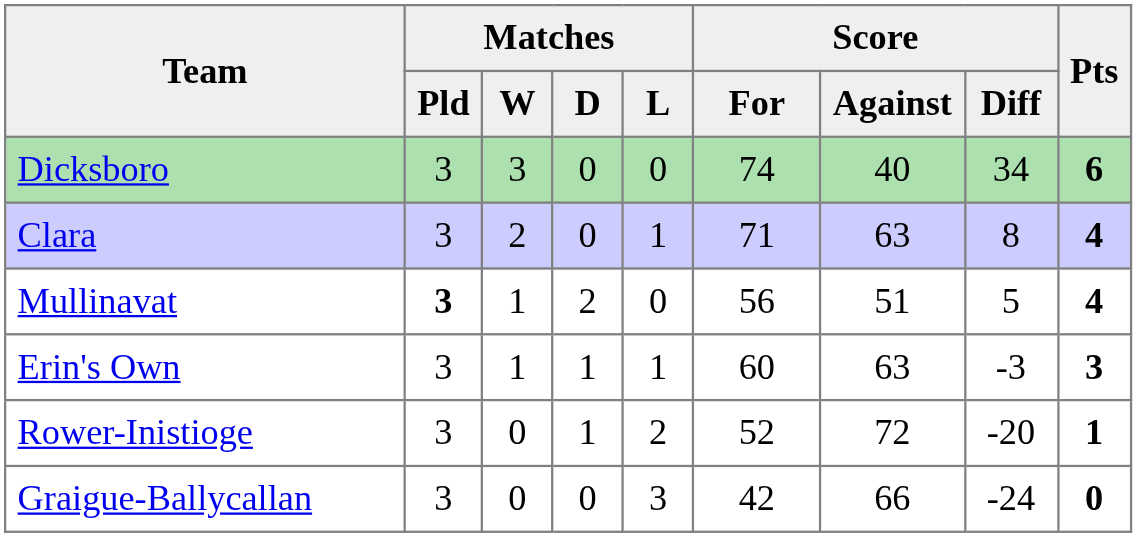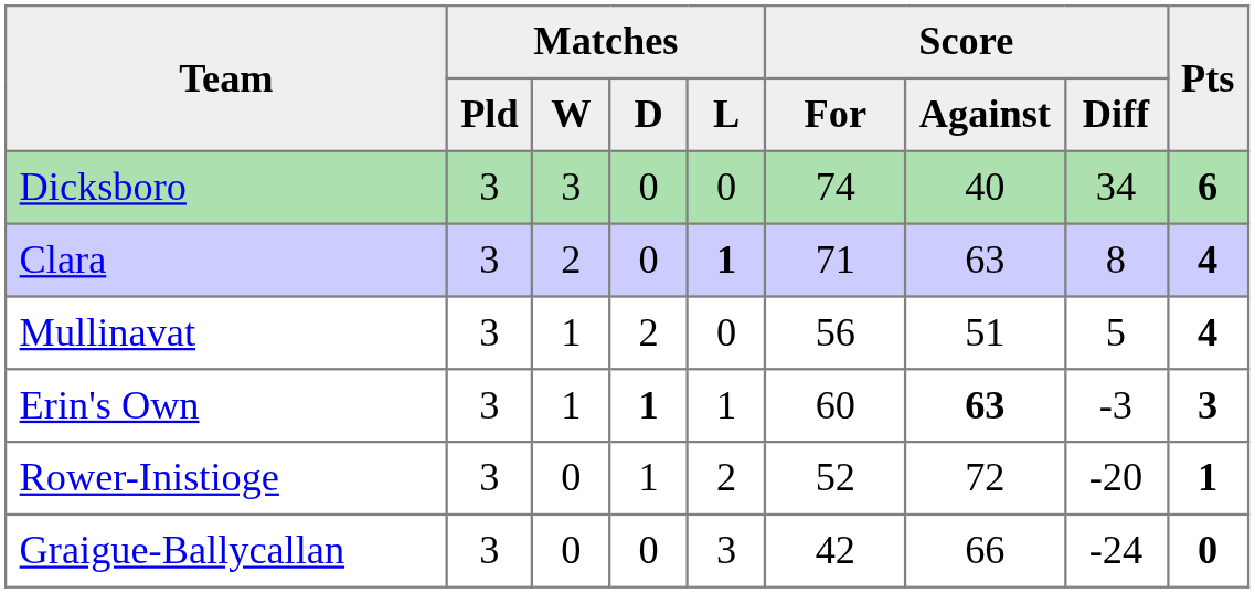 <table style=border-collapse:collapse border=1 cellspacing=0 cellpadding=5>
 <tr align=center bgcolor=#efefef>
 <th rowspan=2 width=165>Team</th>
 <th colspan=4>Matches</th>
 <th colspan=3>Score</th>
 <th rowspan=2width=20>Pts</th>
 </tr>
 <tr align=center bgcolor=#efefef>
 <th width=20>Pld</th>
 <th width=20>W</th>
 <th width=20>D</th>
 <th width=20>L</th>
 <th width=45>For</th>
 <th width=45>Against</th>
 <th width=30>Diff</th>
 </tr>
 <tr align=center style="background:#ACE1AF;">
 <td style="text-align:left;"><a href='#'>Dicksboro</a></td>
 <td>3</td>
 <td>3</td>
 <td>0</td>
 <td>0</td>
 <td>74</td>
 <td>40</td>
 <td>34</td>
 <td><strong>6</strong></td>
 </tr>
 <tr align=center style="background:#ccccff;">
 <td style="text-align:left;"><a href='#'>Clara</a></td>
 <td>3</td>
 <td>2</td>
 <td>0</td>
-<td>1</td>
+<td><strong>1</strong></td>
 <td>71</td>
 <td>63</td>
 <td>8</td>
 <td><strong>4</strong></td>
 </tr>
 <tr align=center>
 <td style="text-align:left;"><a href='#'>Mullinavat</a></td>
-<td><strong>3</strong></td>
+<td>3</td>
 <td>1</td>
 <td>2</td>
 <td>0</td>
 <td>56</td>
 <td>51</td>
 <td>5</td>
 <td><strong>4</strong></td>
 </tr>
 <tr align=center>
 <td style="text-align:left;"><a href='#'>Erin's Own</a></td>
 <td>3</td>
 <td>1</td>
-<td>1</td>
+<td><strong>1</strong></td>
 <td>1</td>
 <td>60</td>
-<td>63</td>
+<td><strong>63</strong></td>
 <td>-3</td>
 <td><strong>3</strong></td>
 </tr>
 <tr align=center>
 <td style="text-align:left;"><a href='#'>Rower-Inistioge</a></td>
 <td>3</td>
 <td>0</td>
 <td>1</td>
 <td>2</td>
 <td>52</td>
 <td>72</td>
 <td>-20</td>
 <td><strong>1</strong></td>
 </tr>
 <tr align=center>
 <td style="text-align:left;"><a href='#'>Graigue-Ballycallan</a></td>
 <td>3</td>
 <td>0</td>
 <td>0</td>
 <td>3</td>
 <td>42</td>
 <td>66</td>
 <td>-24</td>
 <td><strong>0</strong></td>
 </tr>
 </table>
